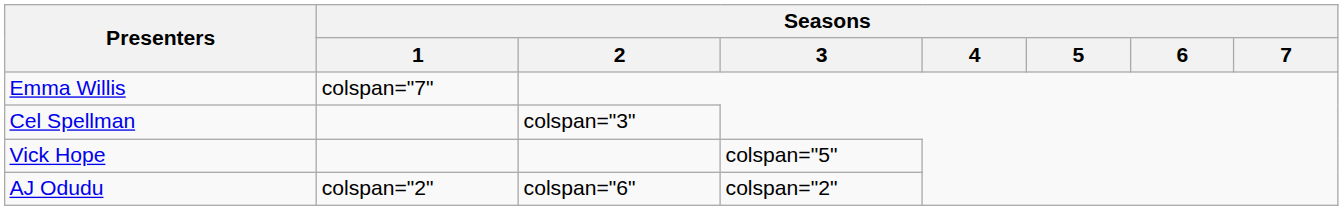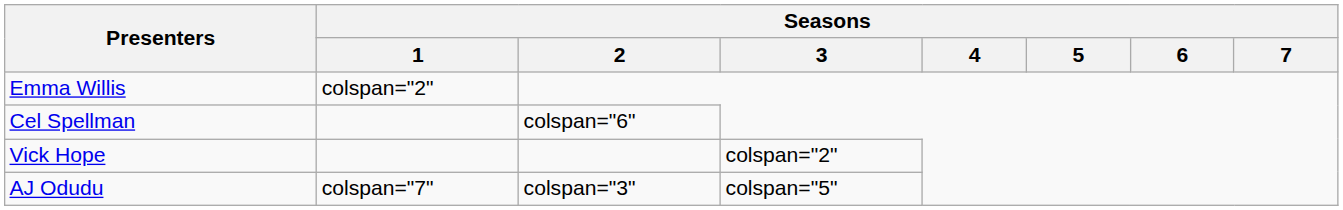 <table class="wikitable" width="80%">
 <tr>
 <th rowspan="2" width="135">Presenters</th>
 <th colspan="7">Seasons</th>
 </tr>
 <tr>
 <th width="40">1</th>
 <th width="40">2</th>
 <th width="40">3</th>
 <th width="40">4</th>
 <th width="40">5</th>
 <th width="40">6</th>
 <th width="40">7</th>
 </tr>
 <tr>
 <td><a href='#'>Emma Willis</a></td>
-<td>colspan="7" </td>
+<td>colspan="2" </td>
 </tr>
 <tr>
 <td><a href='#'>Cel Spellman</a></td>
 <td></td>
-<td>colspan="3" </td>
+<td>colspan="6" </td>
 </tr>
 <tr>
 <td><a href='#'>Vick Hope</a></td>
 <td></td>
 <td></td>
-<td>colspan="5" </td>
+<td>colspan="2" </td>
 </tr>
 <tr>
 <td><a href='#'>AJ Odudu</a></td>
-<td>colspan="2" </td>
-<td>colspan="6" </td>
-<td>colspan="2" </td>
+<td>colspan="7" </td>
+<td>colspan="3" </td>
+<td>colspan="5" </td>
 </tr>
 </table>
